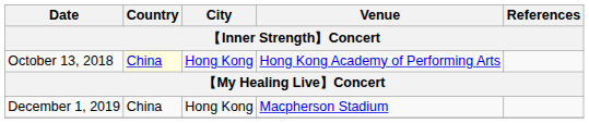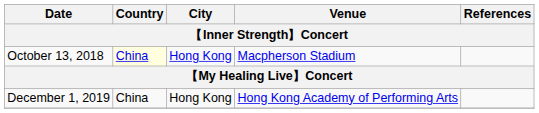 <table class="wikitable">
 <tr>
 <th>Date</th>
 <th>Country</th>
 <th>City</th>
 <th>Venue</th>
 <th>References</th>
 </tr>
 <tr>
 <th colspan="5">【Inner Strength】Concert</th>
 </tr>
 <tr>
 <td>October 13, 2018</td>
 <td style="background: lightyellow;"><a href='#'>China</a></td>
 <td><a href='#'>Hong Kong</a></td>
-<td><a href='#'>Hong Kong Academy of Performing Arts</a></td>
+<td><a href='#'>Macpherson Stadium</a></td>
 <td></td>
 </tr>
 <tr>
 <th colspan="5">【My Healing Live】Concert</th>
 </tr>
 <tr>
 <td>December 1, 2019</td>
 <td>China</td>
 <td>Hong Kong</td>
-<td><a href='#'>Macpherson Stadium</a></td>
+<td><a href='#'>Hong Kong Academy of Performing Arts</a></td>
 <td></td>
 </tr>
 <tr>
 </tr>
 </table>
